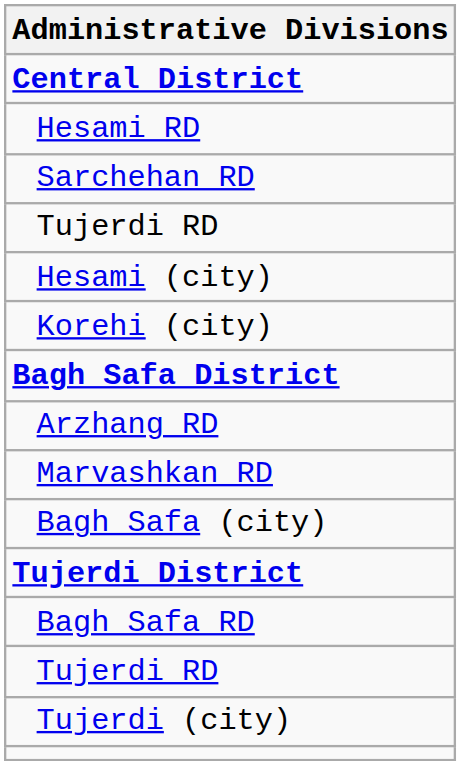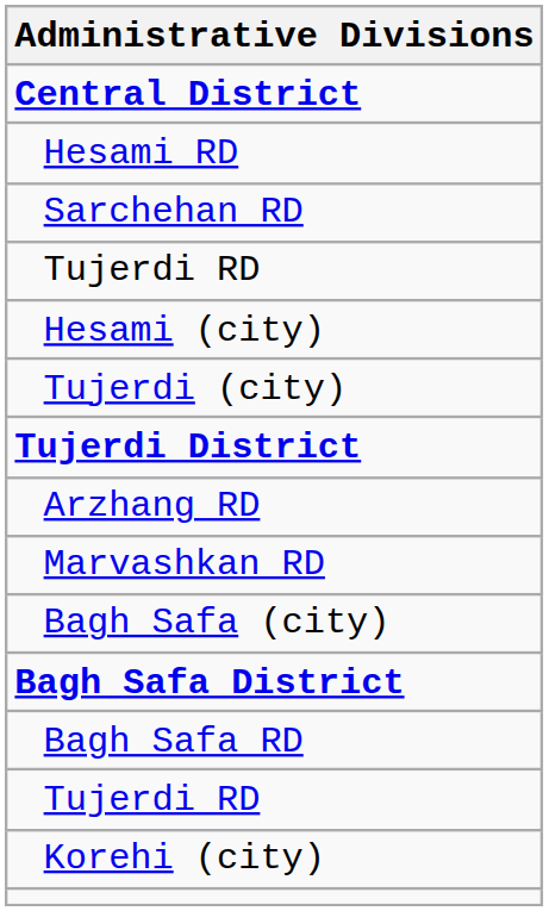 <table class="wikitable">
 <tr>
 <th>Administrative Divisions</th>
 </tr>
 <tr>
 <td><strong><a href='#'>Central District</a></strong></td>
 </tr>
 <tr>
 <td style="padding-left: 1em;"><a href='#'>Hesami RD</a></td>
 </tr>
 <tr>
 <td style="padding-left: 1em;"><a href='#'>Sarchehan RD</a></td>
 </tr>
 <tr>
 <td style="padding-left: 1em;">Tujerdi RD</td>
 </tr>
 <tr>
 <td style="padding-left: 1em;"><a href='#'>Hesami</a> (city)</td>
 </tr>
 <tr>
-<td style="padding-left: 1em;"><a href='#'>Korehi</a> (city)</td>
+<td style="padding-left: 1em;"><a href='#'>Tujerdi</a> (city)</td>
 </tr>
 <tr>
-<td><strong><a href='#'>Bagh Safa District</a></strong></td>
+<td><strong><a href='#'>Tujerdi District</a></strong></td>
 </tr>
 <tr>
 <td style="padding-left: 1em;"><a href='#'>Arzhang RD</a></td>
 </tr>
 <tr>
 <td style="padding-left: 1em;"><a href='#'>Marvashkan RD</a></td>
 </tr>
 <tr>
 <td style="padding-left: 1em;"><a href='#'>Bagh Safa</a> (city)</td>
 </tr>
 <tr>
-<td><strong><a href='#'>Tujerdi District</a></strong></td>
+<td><strong><a href='#'>Bagh Safa District</a></strong></td>
 </tr>
 <tr>
 <td style="padding-left: 1em;"><a href='#'>Bagh Safa RD</a></td>
 </tr>
 <tr>
 <td style="padding-left: 1em;"><a href='#'>Tujerdi RD</a></td>
 </tr>
 <tr>
-<td style="padding-left: 1em;"><a href='#'>Tujerdi</a> (city)</td>
+<td style="padding-left: 1em;"><a href='#'>Korehi</a> (city)</td>
 </tr>
 <tr>
 <td colspan=1></td>
 </tr>
 </table>
